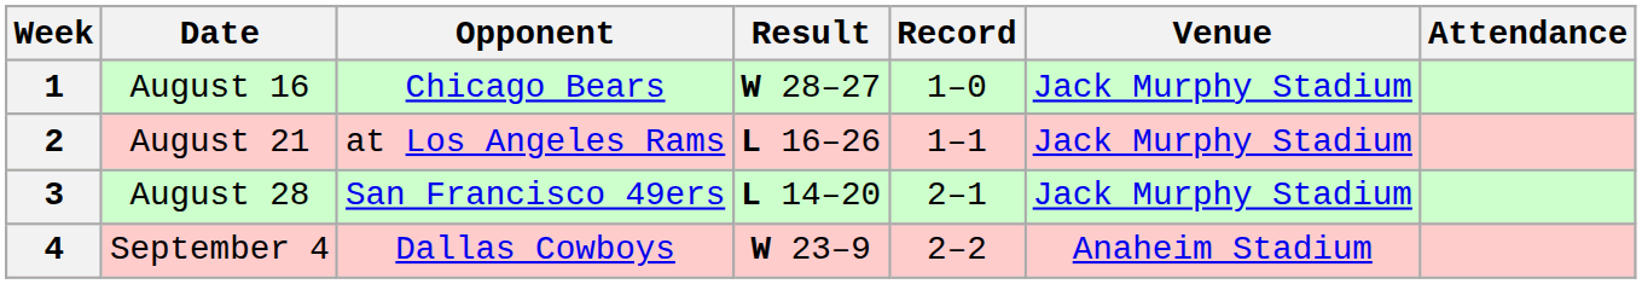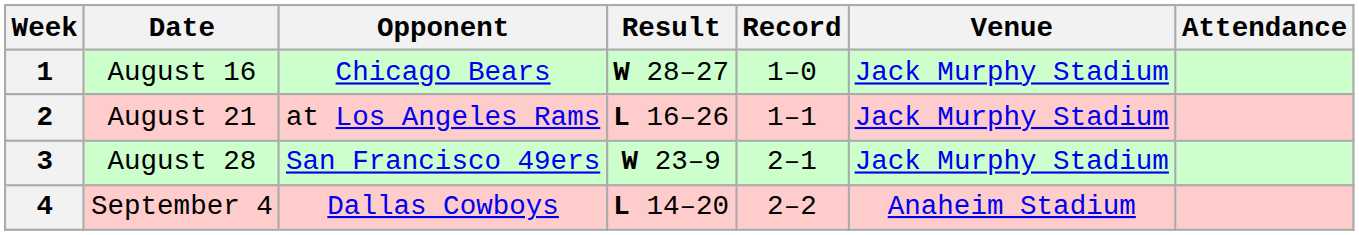 <table class="wikitable" style="text-align:center">
 <tr>
 <th>Week</th>
 <th>Date</th>
 <th>Opponent</th>
 <th>Result</th>
 <th>Record</th>
 <th>Venue</th>
 <th>Attendance</th>
 </tr>
 <tr style="background:#cfc">
 <th>1</th>
 <td>August 16</td>
 <td><a href='#'>Chicago Bears</a></td>
 <td><strong>W</strong> 28–27</td>
 <td>1–0</td>
 <td><a href='#'>Jack Murphy Stadium</a></td>
 <td></td>
 </tr>
 <tr style="background:#fcc">
 <th>2</th>
 <td>August 21</td>
 <td>at <a href='#'>Los Angeles Rams</a></td>
 <td><strong>L</strong> 16–26</td>
 <td>1–1</td>
 <td><a href='#'>Jack Murphy Stadium</a></td>
 <td></td>
 </tr>
 <tr style="background:#cfc">
 <th>3</th>
 <td>August 28</td>
 <td><a href='#'>San Francisco 49ers</a></td>
-<td><strong>L</strong> 14–20</td>
+<td><strong>W</strong> 23–9</td>
 <td>2–1</td>
 <td><a href='#'>Jack Murphy Stadium</a></td>
 <td></td>
 </tr>
 <tr style="background:#fcc">
 <th>4</th>
 <td>September 4</td>
 <td><a href='#'>Dallas Cowboys</a></td>
-<td><strong>W</strong> 23–9</td>
+<td><strong>L</strong> 14–20</td>
 <td>2–2</td>
 <td><a href='#'>Anaheim Stadium</a></td>
 <td></td>
 </tr>
 </table>
